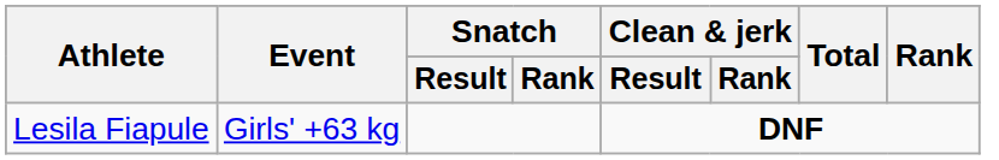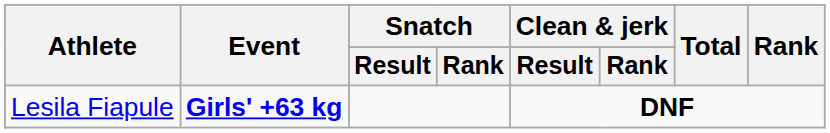 <table class=wikitable style="text-align:center; font-size:90%">
 <tr>
 <th rowspan="2">Athlete</th>
 <th rowspan="2">Event</th>
 <th colspan="2">Snatch</th>
 <th colspan="2">Clean & jerk</th>
 <th rowspan="2">Total</th>
 <th rowspan="2">Rank</th>
 </tr>
 <tr style="font-size:95%">
 <th>Result</th>
 <th>Rank</th>
 <th>Result</th>
 <th>Rank</th>
 </tr>
 <tr>
 <td><a href='#'>Lesila Fiapule</a></td>
-<td><a href='#'>Girls' +63 kg</a></td>
+<td><strong><a href='#'>Girls' +63 kg</a></strong></td>
 <td colspan=2></td>
 <td colspan=4><strong>DNF</strong></td>
 </tr>
 </table>
